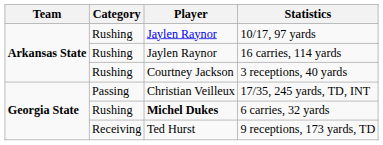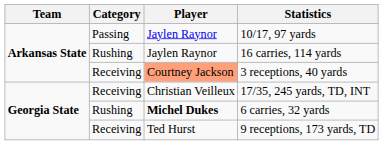 <table class="wikitable" style="float: right;">
 <tr>
 <th>Team</th>
 <th>Category</th>
 <th>Player</th>
 <th>Statistics</th>
 </tr>
 <tr>
 <td rowspan=3><strong>Arkansas State</strong></td>
-<td>Rushing</td>
+<td>Passing</td>
 <td><a href='#'>Jaylen Raynor</a></td>
 <td>10/17, 97 yards</td>
 </tr>
 <tr>
 <td>Rushing</td>
 <td>Jaylen Raynor</td>
 <td>16 carries, 114 yards</td>
 </tr>
 <tr>
-<td>Rushing</td>
-<td>Courtney Jackson</td>
+<td>Receiving</td>
+<td style="background: lightsalmon;">Courtney Jackson</td>
 <td>3 receptions, 40 yards</td>
 </tr>
 <tr>
 <td rowspan=3><strong>Georgia State</strong></td>
-<td>Passing</td>
+<td>Receiving</td>
 <td>Christian Veilleux</td>
 <td>17/35, 245 yards, TD, INT</td>
 </tr>
 <tr>
 <td>Rushing</td>
 <td><strong>Michel Dukes</strong></td>
 <td>6 carries, 32 yards</td>
 </tr>
 <tr>
 <td>Receiving</td>
 <td>Ted Hurst</td>
 <td>9 receptions, 173 yards, TD</td>
 </tr>
 </table>
